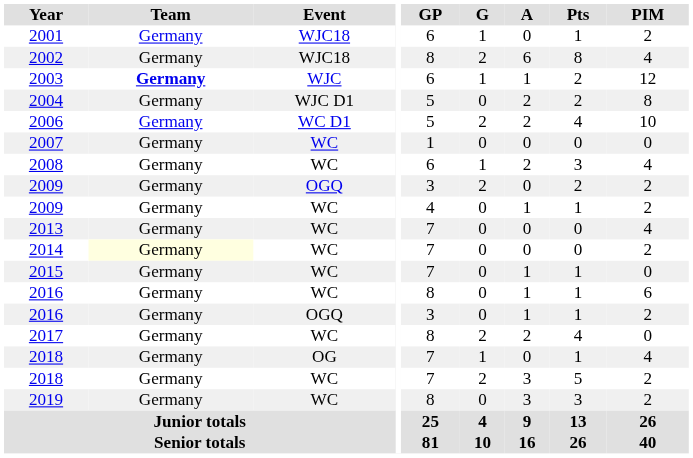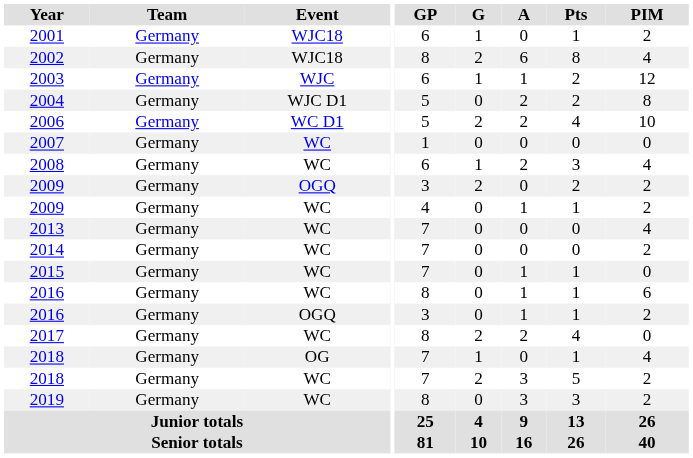 <table border="0" cellpadding="1" cellspacing="0" ID="Table3" style="text-align:center; width:40em">
 <tr ALIGN="center" bgcolor="#e0e0e0">
 <th>Year</th>
 <th>Team</th>
 <th>Event</th>
 <th rowspan="99" bgcolor="#ffffff"></th>
 <th>GP</th>
 <th>G</th>
 <th>A</th>
 <th>Pts</th>
 <th>PIM</th>
 </tr>
 <tr>
 <td><a href='#'>2001</a></td>
 <td><a href='#'>Germany</a></td>
 <td><a href='#'>WJC18</a></td>
 <td>6</td>
 <td>1</td>
 <td>0</td>
 <td>1</td>
 <td>2</td>
 </tr>
 <tr bgcolor="#f0f0f0">
 <td><a href='#'>2002</a></td>
 <td>Germany</td>
 <td>WJC18</td>
 <td>8</td>
 <td>2</td>
 <td>6</td>
 <td>8</td>
 <td>4</td>
 </tr>
 <tr>
 <td><a href='#'>2003</a></td>
-<td><strong><a href='#'>Germany</a></strong></td>
+<td><a href='#'>Germany</a></td>
 <td><a href='#'>WJC</a></td>
 <td>6</td>
 <td>1</td>
 <td>1</td>
 <td>2</td>
 <td>12</td>
 </tr>
 <tr bgcolor="#f0f0f0">
 <td><a href='#'>2004</a></td>
 <td>Germany</td>
 <td>WJC D1</td>
 <td>5</td>
 <td>0</td>
 <td>2</td>
 <td>2</td>
 <td>8</td>
 </tr>
 <tr>
 <td><a href='#'>2006</a></td>
 <td><a href='#'>Germany</a></td>
 <td><a href='#'>WC D1</a></td>
 <td>5</td>
 <td>2</td>
 <td>2</td>
 <td>4</td>
 <td>10</td>
 </tr>
 <tr bgcolor="#f0f0f0">
 <td><a href='#'>2007</a></td>
 <td>Germany</td>
 <td><a href='#'>WC</a></td>
 <td>1</td>
 <td>0</td>
 <td>0</td>
 <td>0</td>
 <td>0</td>
 </tr>
 <tr>
 <td><a href='#'>2008</a></td>
 <td>Germany</td>
 <td>WC</td>
 <td>6</td>
 <td>1</td>
 <td>2</td>
 <td>3</td>
 <td>4</td>
 </tr>
 <tr bgcolor="#f0f0f0">
 <td><a href='#'>2009</a></td>
 <td>Germany</td>
 <td><a href='#'>OGQ</a></td>
 <td>3</td>
 <td>2</td>
 <td>0</td>
 <td>2</td>
 <td>2</td>
 </tr>
 <tr>
 <td><a href='#'>2009</a></td>
 <td>Germany</td>
 <td>WC</td>
 <td>4</td>
 <td>0</td>
 <td>1</td>
 <td>1</td>
 <td>2</td>
 </tr>
 <tr bgcolor="#f0f0f0">
 <td><a href='#'>2013</a></td>
 <td>Germany</td>
 <td>WC</td>
 <td>7</td>
 <td>0</td>
 <td>0</td>
 <td>0</td>
 <td>4</td>
 </tr>
 <tr>
 <td><a href='#'>2014</a></td>
-<td style="background: lightyellow;">Germany</td>
+<td>Germany</td>
 <td>WC</td>
 <td>7</td>
 <td>0</td>
 <td>0</td>
 <td>0</td>
 <td>2</td>
 </tr>
 <tr bgcolor="#f0f0f0">
 <td><a href='#'>2015</a></td>
 <td>Germany</td>
 <td>WC</td>
 <td>7</td>
 <td>0</td>
 <td>1</td>
 <td>1</td>
 <td>0</td>
 </tr>
 <tr>
 <td><a href='#'>2016</a></td>
 <td>Germany</td>
 <td>WC</td>
 <td>8</td>
 <td>0</td>
 <td>1</td>
 <td>1</td>
 <td>6</td>
 </tr>
 <tr bgcolor="#f0f0f0">
 <td><a href='#'>2016</a></td>
 <td>Germany</td>
 <td>OGQ</td>
 <td>3</td>
 <td>0</td>
 <td>1</td>
 <td>1</td>
 <td>2</td>
 </tr>
 <tr>
 <td><a href='#'>2017</a></td>
 <td>Germany</td>
 <td>WC</td>
 <td>8</td>
 <td>2</td>
 <td>2</td>
 <td>4</td>
 <td>0</td>
 </tr>
 <tr bgcolor="#f0f0f0">
 <td><a href='#'>2018</a></td>
 <td>Germany</td>
 <td>OG</td>
 <td>7</td>
 <td>1</td>
 <td>0</td>
 <td>1</td>
 <td>4</td>
 </tr>
 <tr>
 <td><a href='#'>2018</a></td>
 <td>Germany</td>
 <td>WC</td>
 <td>7</td>
 <td>2</td>
 <td>3</td>
 <td>5</td>
 <td>2</td>
 </tr>
 <tr bgcolor="#f0f0f0">
 <td><a href='#'>2019</a></td>
 <td>Germany</td>
 <td>WC</td>
 <td>8</td>
 <td>0</td>
 <td>3</td>
 <td>3</td>
 <td>2</td>
 </tr>
 <tr bgcolor="#e0e0e0">
 <th colspan="3">Junior totals</th>
 <th>25</th>
 <th>4</th>
 <th>9</th>
 <th>13</th>
 <th>26</th>
 </tr>
 <tr bgcolor="#e0e0e0">
 <th colspan="3">Senior totals</th>
 <th>81</th>
 <th>10</th>
 <th>16</th>
 <th>26</th>
 <th>40</th>
 </tr>
 </table>
